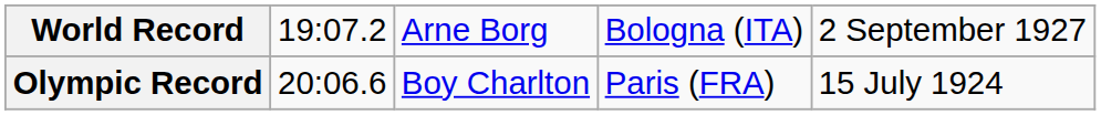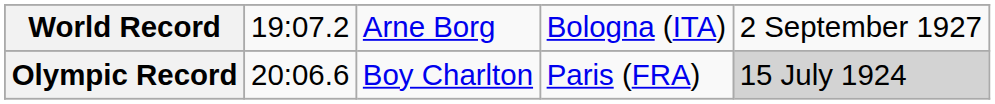 <table class="wikitable">
 <tr>
 <th>World Record</th>
 <td>19:07.2</td>
 <td> <a href='#'>Arne Borg</a></td>
 <td><a href='#'>Bologna</a> (<a href='#'>ITA</a>)</td>
 <td>2 September 1927</td>
 </tr>
 <tr>
 <th>Olympic Record</th>
 <td>20:06.6</td>
 <td> <a href='#'>Boy Charlton</a></td>
 <td><a href='#'>Paris</a> (<a href='#'>FRA</a>)</td>
-<td>15 July 1924</td>
+<td style="background: lightgrey;">15 July 1924</td>
 </tr>
 </table>
